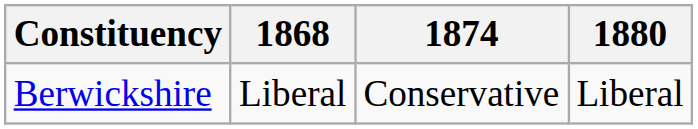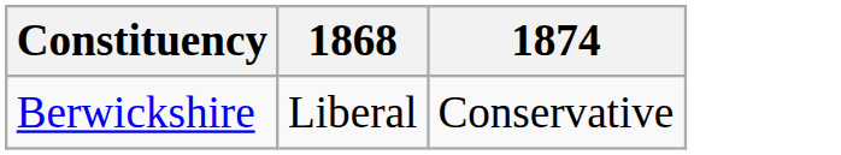 <table class="wikitable">
 <tr>
 <th>Constituency</th>
 <th>1868</th>
 <th>1874</th>
-<th>1880</th>
 </tr>
 <tr>
 <td><a href='#'>Berwickshire</a></td>
 <td>Liberal</td>
 <td>Conservative</td>
-<td>Liberal</td>
 </tr>
 </table>
